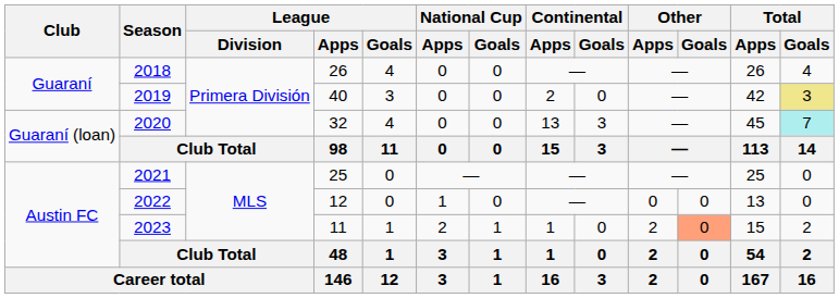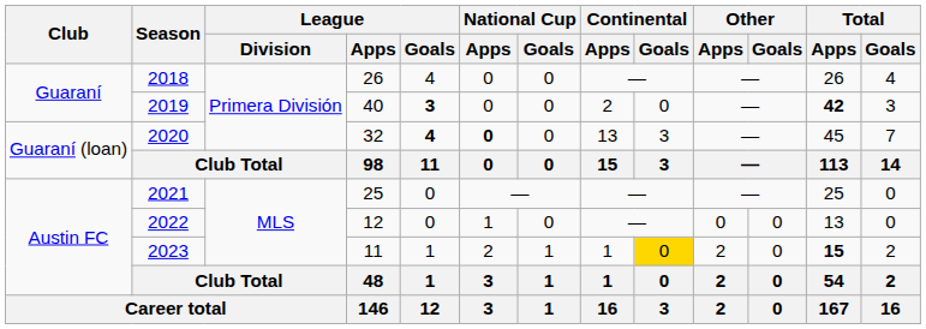 <table class="wikitable" style="text-align:center">
 <tr>
 <th rowspan="2">Club</th>
 <th rowspan="2">Season</th>
 <th colspan="3">League</th>
 <th colspan="2">National Cup</th>
 <th colspan="2">Continental</th>
 <th colspan="2">Other</th>
 <th colspan="2">Total</th>
 </tr>
 <tr>
 <th>Division</th>
 <th>Apps</th>
 <th>Goals</th>
 <th>Apps</th>
 <th>Goals</th>
 <th>Apps</th>
 <th>Goals</th>
 <th>Apps</th>
 <th>Goals</th>
 <th>Apps</th>
 <th>Goals</th>
 </tr>
 <tr>
 <td rowspan="2"><a href='#'>Guaraní</a></td>
 <td><a href='#'>2018</a></td>
 <td rowspan="3"><a href='#'>Primera División</a></td>
 <td>26</td>
 <td>4</td>
 <td>0</td>
 <td>0</td>
 <td colspan="2">—</td>
 <td colspan="2">—</td>
 <td>26</td>
 <td>4</td>
 </tr>
 <tr>
 <td><a href='#'>2019</a></td>
 <td>40</td>
-<td>3</td>
+<td><strong>3</strong></td>
 <td>0</td>
 <td>0</td>
 <td>2</td>
 <td>0</td>
 <td colspan="2">—</td>
-<td>42</td>
-<td style="background: khaki;">3</td>
+<td><strong>42</strong></td>
+<td>3</td>
 </tr>
 <tr>
 <td rowspan="2"><a href='#'>Guaraní</a> (loan)</td>
 <td><a href='#'>2020</a></td>
 <td>32</td>
-<td>4</td>
-<td>0</td>
+<td><strong>4</strong></td>
+<td><strong>0</strong></td>
 <td>0</td>
 <td>13</td>
 <td>3</td>
 <td colspan="2">—</td>
 <td>45</td>
-<td style="background: paleturquoise;">7</td>
+<td>7</td>
 </tr>
 <tr>
 <th colspan="2">Club Total</th>
 <th>98</th>
 <th>11</th>
 <th>0</th>
 <th>0</th>
 <th>15</th>
 <th>3</th>
 <th colspan="2">—</th>
 <th>113</th>
 <th>14</th>
 </tr>
 <tr>
 <td rowspan=4><a href='#'>Austin FC</a></td>
 <td><a href='#'>2021</a></td>
 <td rowspan=3><a href='#'>MLS</a></td>
 <td>25</td>
 <td>0</td>
 <td colspan="2">—</td>
 <td colspan=2>—</td>
 <td colspan="2">—</td>
 <td>25</td>
 <td>0</td>
 </tr>
 <tr>
 <td><a href='#'>2022</a></td>
 <td>12</td>
 <td>0</td>
 <td>1</td>
 <td>0</td>
 <td colspan="2">—</td>
 <td>0</td>
 <td>0</td>
 <td>13</td>
 <td>0</td>
 </tr>
 <tr>
 <td><a href='#'>2023</a></td>
 <td>11</td>
 <td>1</td>
 <td>2</td>
 <td>1</td>
 <td>1</td>
+<td style="background: gold;">0</td>
+<td>2</td>
 <td>0</td>
-<td>2</td>
-<td style="background: lightsalmon;">0</td>
-<td>15</td>
+<td><strong>15</strong></td>
 <td>2</td>
 </tr>
 <tr>
 <th colspan=2>Club Total</th>
 <th>48</th>
 <th>1</th>
 <th>3</th>
 <th>1</th>
 <th>1</th>
 <th>0</th>
 <th>2</th>
 <th>0</th>
 <th>54</th>
 <th>2</th>
 </tr>
 <tr>
 <th colspan="3">Career total</th>
 <th>146</th>
 <th>12</th>
 <th>3</th>
 <th>1</th>
 <th>16</th>
 <th>3</th>
 <th>2</th>
 <th>0</th>
 <th>167</th>
 <th>16</th>
 </tr>
 </table>
